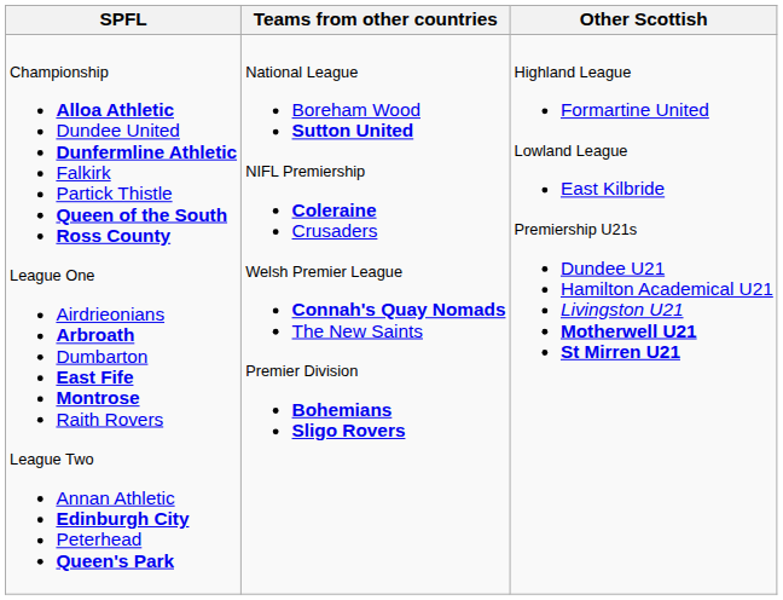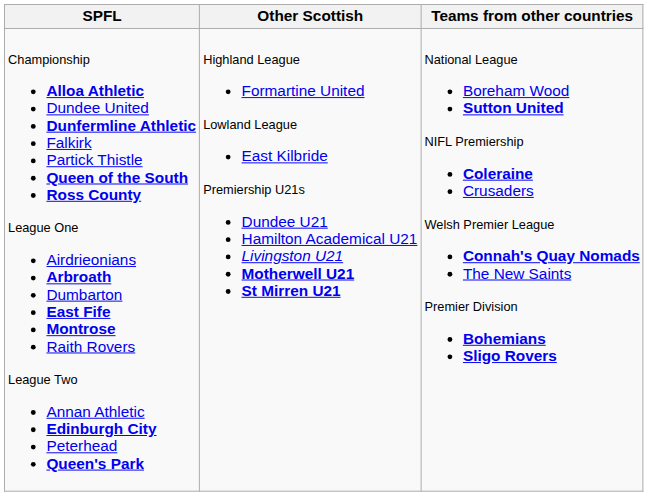 <table class="wikitable">
 <tr>
 <th> SPFL</th>
+<th>Other Scottish</th>
 <th>Teams from other countries</th>
-<th>Other Scottish</th>
 </tr>
 <tr>
 <td valign=top><br><small>Championship</small><ul><li><strong><a href='#'>Alloa Athletic</a></strong></li><li><a href='#'>Dundee United</a></li><li><strong><a href='#'>Dunfermline Athletic</a></strong></li><li><a href='#'>Falkirk</a></li><li><a href='#'>Partick Thistle</a></li><li><strong><a href='#'>Queen of the South</a></strong></li><li><strong><a href='#'>Ross County</a></strong></li></ul><small>League One</small><ul><li><a href='#'>Airdrieonians</a></li><li><strong><a href='#'>Arbroath</a></strong></li><li><a href='#'>Dumbarton</a></li><li><strong><a href='#'>East Fife</a></strong></li><li><strong><a href='#'>Montrose</a></strong></li><li><a href='#'>Raith Rovers</a></li></ul><small>League Two</small><ul><li><a href='#'>Annan Athletic</a></li><li><strong><a href='#'>Edinburgh City</a></strong></li><li><a href='#'>Peterhead</a></li><li><strong><a href='#'>Queen's Park</a></strong></li></ul></td>
+<td valign=top><br><small>Highland League</small><ul><li><a href='#'>Formartine United</a></li></ul><small>Lowland League</small><ul><li><a href='#'>East Kilbride</a></li></ul><small>Premiership U21s</small><ul><li><a href='#'>Dundee U21</a></li><li><a href='#'>Hamilton Academical U21</a></li><li><em><a href='#'>Livingston U21</a></em></li><li><strong><a href='#'>Motherwell U21</a></strong></li><li><strong><a href='#'>St Mirren U21</a></strong></li></ul></td>
 <td valign=top><br><small> National League</small><ul><li><a href='#'>Boreham Wood</a></li><li><strong><a href='#'>Sutton United</a></strong></li></ul><small> NIFL Premiership</small><ul><li><strong><a href='#'>Coleraine</a></strong></li><li><a href='#'>Crusaders</a></li></ul><small> Welsh Premier League</small><ul><li><strong><a href='#'>Connah's Quay Nomads</a></strong></li><li><a href='#'>The New Saints</a></li></ul><small> Premier Division</small><ul><li><strong><a href='#'>Bohemians</a></strong></li><li><strong><a href='#'>Sligo Rovers</a></strong></li></ul></td>
-<td valign=top><br><small>Highland League</small><ul><li><a href='#'>Formartine United</a></li></ul><small>Lowland League</small><ul><li><a href='#'>East Kilbride</a></li></ul><small>Premiership U21s</small><ul><li><a href='#'>Dundee U21</a></li><li><a href='#'>Hamilton Academical U21</a></li><li><em><a href='#'>Livingston U21</a></em></li><li><strong><a href='#'>Motherwell U21</a></strong></li><li><strong><a href='#'>St Mirren U21</a></strong></li></ul></td>
 </tr>
 </table>
